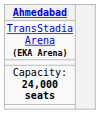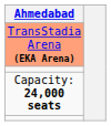 <table class="wikitable" style="text-align:center">
 <tr>
 <th width="20px"><a href='#'>Ahmedabad</a></th>
 <th width="20px" rowspan=5></th>
 </tr>
 <tr>
-<td><a href='#'>TransStadia Arena</a><br><strong><small>(EKA Arena)</small></strong></td>
+<td style="background: lightsalmon;"><a href='#'>TransStadia Arena</a><br><strong><small>(EKA Arena)</small></strong></td>
 </tr>
 <tr>
 <td></td>
 </tr>
 <tr>
 <td>Capacity: <strong>24,000 seats</strong></td>
 </tr>
 <tr>
 <td></td>
 </tr>
 </table>
